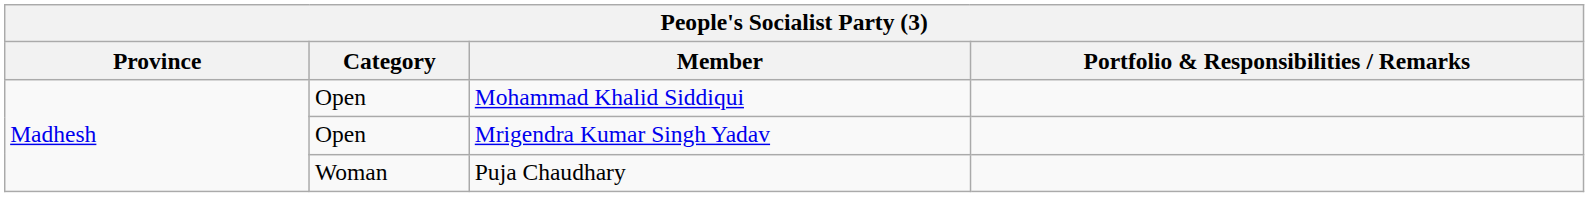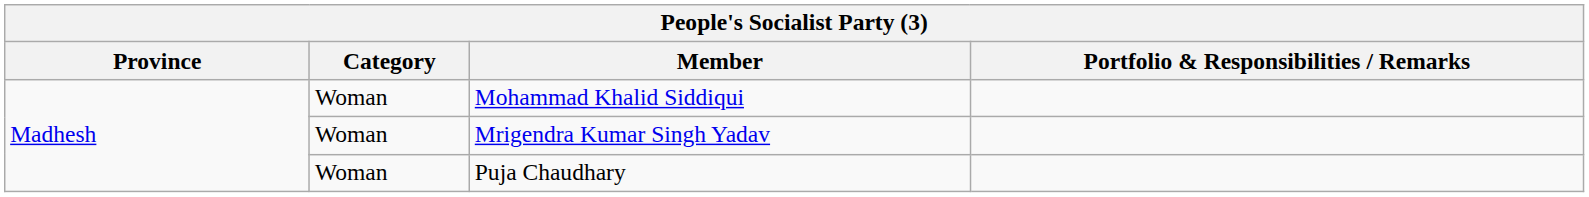 <table class="wikitable sortable mw-collapsible">
 <tr>
 <th colspan="4" style="width: 800pt; background:">People's Socialist Party (3)</th>
 </tr>
 <tr>
 <th style="width:150pt;" style="background-color:">Province</th>
 <th style="background-color:">Category</th>
 <th style="width:250pt;" style="background-color:">Member</th>
 <th style="background-color:">Portfolio & Responsibilities / Remarks</th>
 </tr>
 <tr>
 <td rowspan="3"><a href='#'>Madhesh</a></td>
-<td>Open</td>
+<td>Woman</td>
 <td><a href='#'>Mohammad Khalid Siddiqui</a></td>
 <td></td>
 </tr>
 <tr>
-<td>Open</td>
+<td>Woman</td>
 <td><a href='#'>Mrigendra Kumar Singh Yadav</a></td>
 <td></td>
 </tr>
 <tr>
 <td>Woman</td>
 <td>Puja Chaudhary</td>
 <td></td>
 </tr>
 </table>
